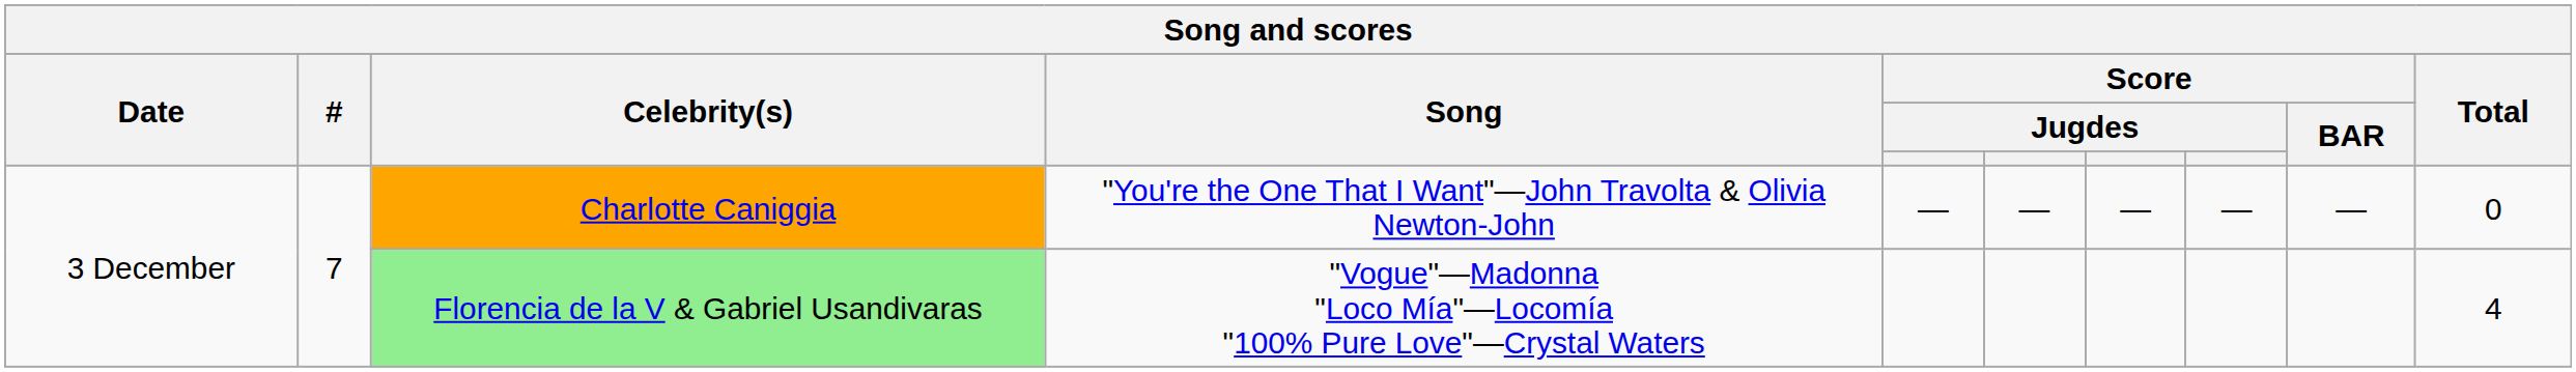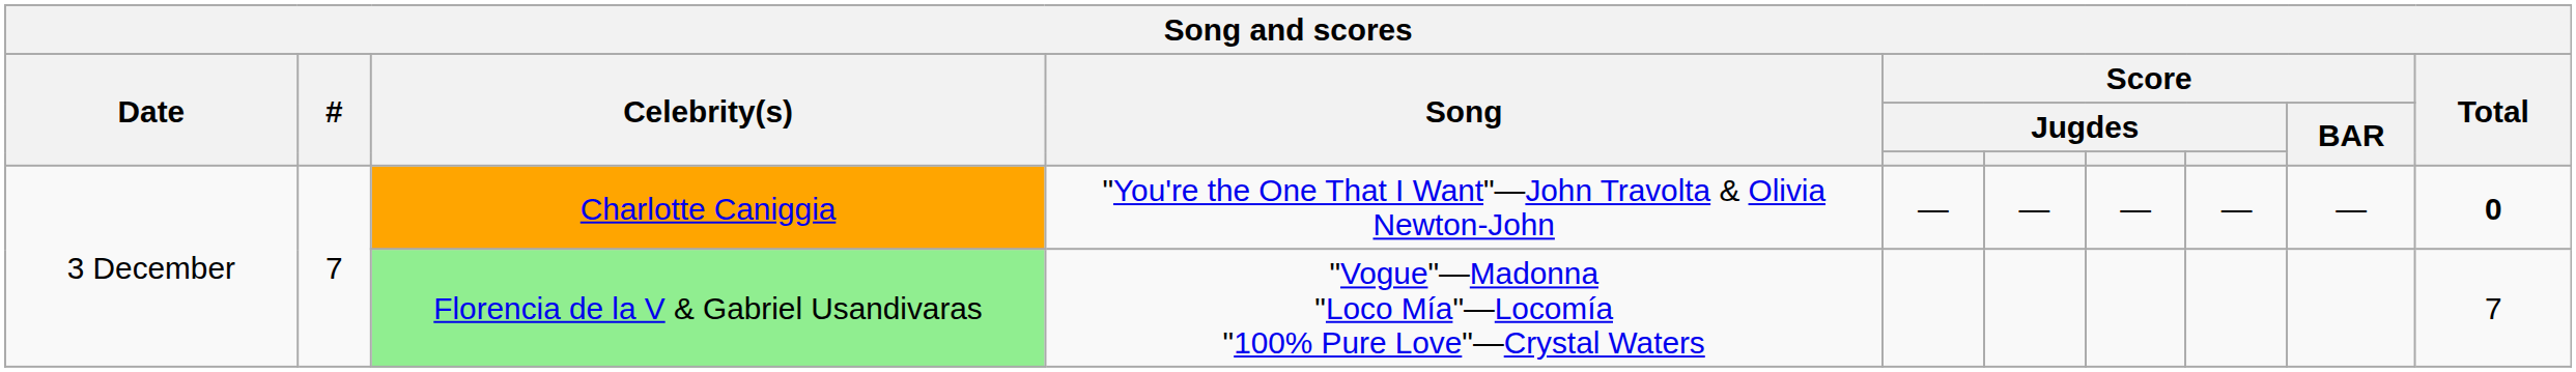 <table class="wikitable collapsible collapsed" style="font-size:95%; text-align: center; width: 100%;">
 <tr>
 <th colspan="11" style="with: 100%;" align=center>Song and scores</th>
 </tr>
 <tr>
 <th rowspan="3" width="100">Date</th>
 <th rowspan="3" width="20">#</th>
 <th rowspan="3" width="240">Celebrity(s)</th>
 <th rowspan="3" width="300">Song</th>
 <th colspan="5">Score</th>
 <th rowspan="3" width="50">Total</th>
 </tr>
 <tr>
 <th colspan="4">Jugdes</th>
 <th rowspan="2" width=40>BAR<br></th>
 </tr>
 <tr>
 <th width=30></th>
 <th width=30></th>
 <th width=30></th>
 <th width=30></th>
 </tr>
 <tr>
 <td rowspan="2">3 December</td>
 <td rowspan="2">7</td>
 <td bgcolor="orange"><a href='#'>Charlotte Caniggia</a></td>
 <td>"<a href='#'>You're the One That I Want</a>"—<a href='#'>John Travolta</a> & <a href='#'>Olivia Newton-John</a></td>
 <td>—</td>
 <td>—</td>
 <td>—</td>
 <td>—</td>
 <td>—</td>
-<td>0</td>
+<td><strong>0</strong></td>
 </tr>
 <tr>
 <td bgcolor="lightgreen"><a href='#'>Florencia de la V</a> & Gabriel Usandivaras</td>
 <td>"<a href='#'>Vogue</a>"—<a href='#'>Madonna</a><br>"<a href='#'>Loco Mía</a>"—<a href='#'>Locomía</a><br>"<a href='#'>100% Pure Love</a>"—<a href='#'>Crystal Waters</a></td>
 <td></td>
 <td></td>
 <td></td>
 <td></td>
 <td> </td>
-<td>4</td>
+<td>7</td>
 </tr>
 </table>
